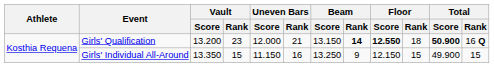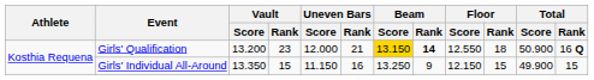 <table class="wikitable" border="1" style="font-size:90%">
 <tr>
 <th rowspan=2>Athlete</th>
 <th rowspan=2>Event</th>
 <th colspan=2>Vault</th>
 <th colspan=2>Uneven Bars</th>
 <th colspan=2>Beam</th>
 <th colspan=2>Floor</th>
 <th colspan=2>Total</th>
 </tr>
 <tr>
 <th>Score</th>
 <th>Rank</th>
 <th>Score</th>
 <th>Rank</th>
 <th>Score</th>
 <th>Rank</th>
 <th>Score</th>
 <th>Rank</th>
 <th>Score</th>
 <th>Rank</th>
 </tr>
 <tr>
 <td rowspan=2><a href='#'>Kosthia Requena</a></td>
 <td><a href='#'>Girls' Qualification</a></td>
 <td align=center>13.200</td>
 <td align=center>23</td>
 <td align=center>12.000</td>
 <td align=center>21</td>
-<td align=center>13.150</td>
+<td align=center style="background: gold;">13.150</td>
 <td align=center><strong>14</strong></td>
-<td align=center><strong>12.550</strong></td>
+<td align=center>12.550</td>
 <td align=center>18</td>
-<td align=center><strong>50.900</strong></td>
+<td align=center>50.900</td>
 <td align=center>16 <strong>Q</strong></td>
 </tr>
 <tr>
 <td><a href='#'>Girls' Individual All-Around</a></td>
 <td align=center>13.350</td>
 <td align=center>15</td>
 <td align=center>11.150</td>
 <td align=center>16</td>
 <td align=center>13.250</td>
 <td align=center>9</td>
 <td align=center>12.150</td>
 <td align=center>15</td>
 <td align=center>49.900</td>
 <td align=center>15</td>
 </tr>
 </table>
